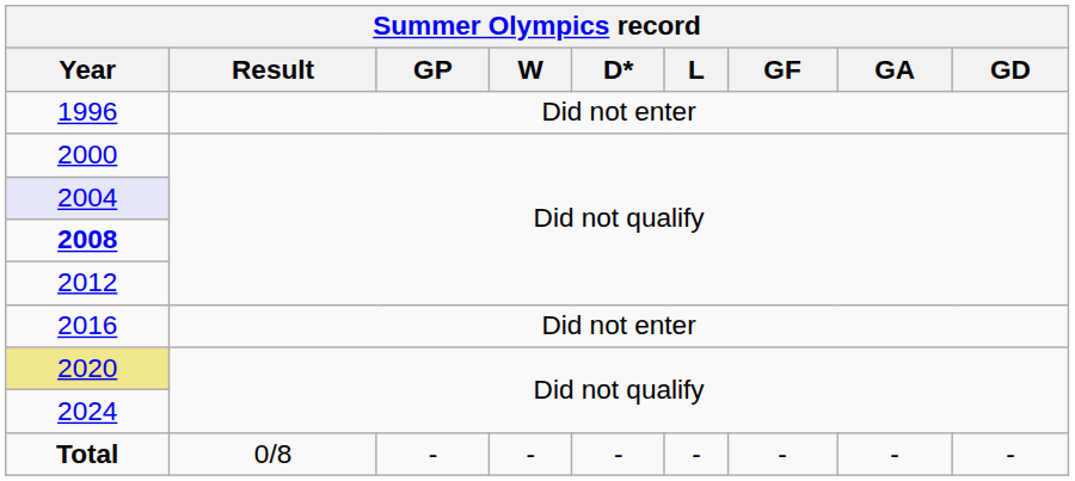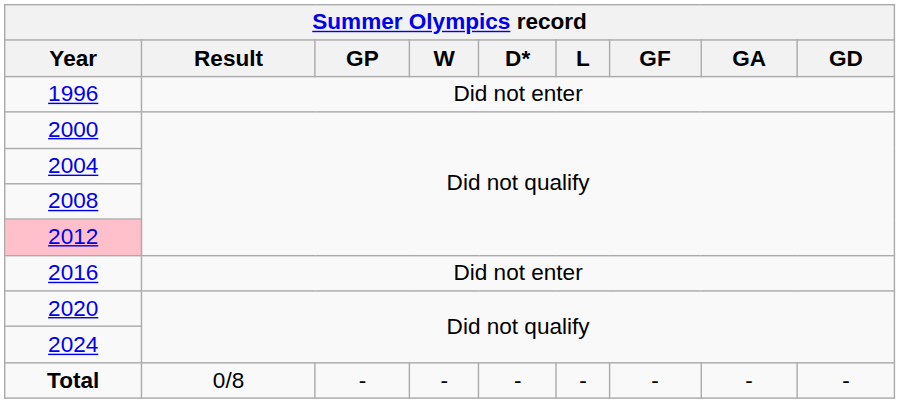 <table class="wikitable" style="text-align: center; width:50%;">
 <tr>
 <th colspan=10><a href='#'>Summer Olympics</a> record</th>
 </tr>
 <tr>
 <th>Year</th>
 <th>Result</th>
 <th>GP</th>
 <th>W</th>
 <th>D*</th>
 <th>L</th>
 <th>GF</th>
 <th>GA</th>
 <th>GD</th>
 </tr>
 <tr>
 <td> <a href='#'>1996</a></td>
 <td colspan=8>Did not enter</td>
 </tr>
 <tr>
 <td> <a href='#'>2000</a></td>
 <td colspan=8 rowspan=4>Did not qualify</td>
 </tr>
 <tr>
-<td style="background: lavender;"> <a href='#'>2004</a></td>
+<td> <a href='#'>2004</a></td>
 </tr>
 <tr>
-<td><strong> <a href='#'>2008</a></strong></td>
+<td> <a href='#'>2008</a></td>
 </tr>
 <tr>
-<td> <a href='#'>2012</a></td>
+<td style="background: pink;"> <a href='#'>2012</a></td>
 </tr>
 <tr>
 <td> <a href='#'>2016</a></td>
 <td colspan=8>Did not enter</td>
 </tr>
 <tr>
-<td style="background: khaki;"> <a href='#'>2020</a></td>
+<td> <a href='#'>2020</a></td>
 <td colspan=8 rowspan=2>Did not qualify</td>
 </tr>
 <tr>
 <td> <a href='#'>2024</a></td>
 </tr>
 <tr>
 <td><strong>Total</strong></td>
 <td>0/8</td>
 <td>-</td>
 <td>-</td>
 <td>-</td>
 <td>-</td>
 <td>-</td>
 <td>-</td>
 <td>-</td>
 </tr>
 </table>
